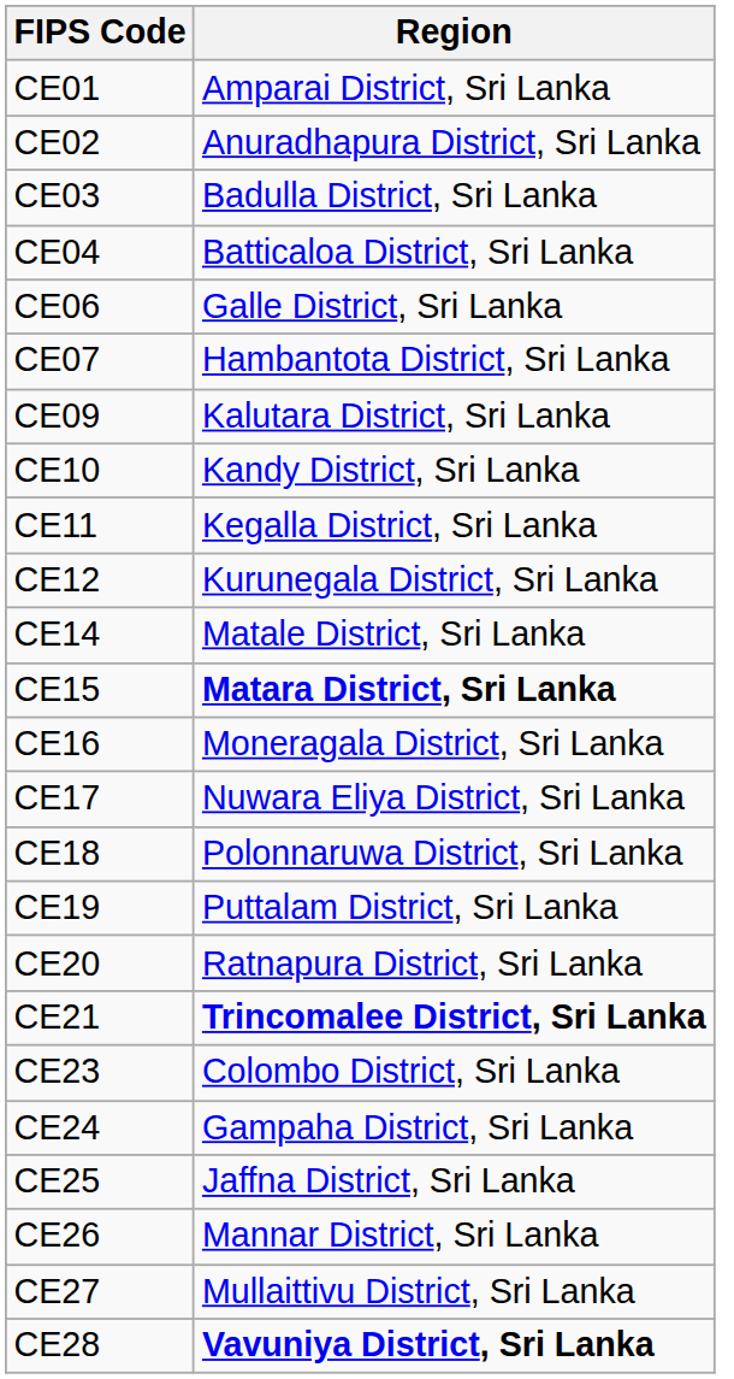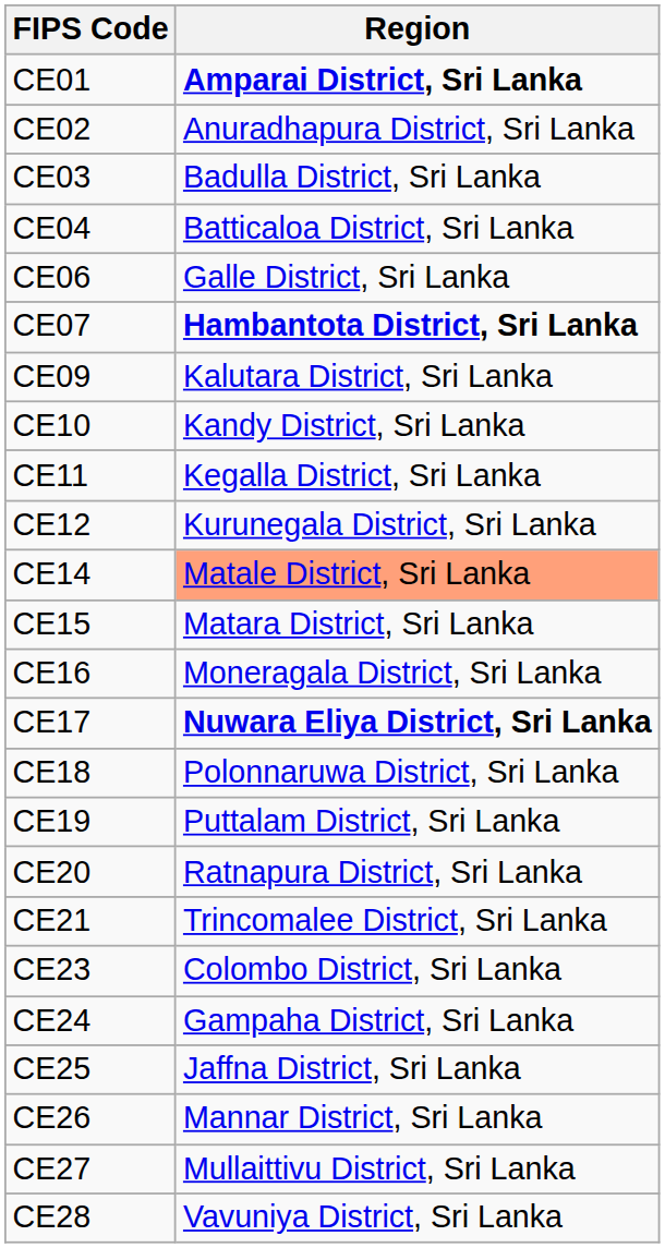 <table class="wikitable">
 <tr>
 <th>FIPS Code</th>
 <th>Region</th>
 </tr>
 <tr>
 <td>CE01</td>
-<td><a href='#'>Amparai District</a>, Sri Lanka</td>
+<td><strong><a href='#'>Amparai District</a>, Sri Lanka</strong></td>
 </tr>
 <tr>
 <td>CE02</td>
 <td><a href='#'>Anuradhapura District</a>, Sri Lanka</td>
 </tr>
 <tr>
 <td>CE03</td>
 <td><a href='#'>Badulla District</a>, Sri Lanka</td>
 </tr>
 <tr>
 <td>CE04</td>
 <td><a href='#'>Batticaloa District</a>, Sri Lanka</td>
 </tr>
 <tr>
 <td>CE06</td>
 <td><a href='#'>Galle District</a>, Sri Lanka</td>
 </tr>
 <tr>
 <td>CE07</td>
-<td><a href='#'>Hambantota District</a>, Sri Lanka</td>
+<td><strong><a href='#'>Hambantota District</a>, Sri Lanka</strong></td>
 </tr>
 <tr>
 <td>CE09</td>
 <td><a href='#'>Kalutara District</a>, Sri Lanka</td>
 </tr>
 <tr>
 <td>CE10</td>
 <td><a href='#'>Kandy District</a>, Sri Lanka</td>
 </tr>
 <tr>
 <td>CE11</td>
 <td><a href='#'>Kegalla District</a>, Sri Lanka</td>
 </tr>
 <tr>
 <td>CE12</td>
 <td><a href='#'>Kurunegala District</a>, Sri Lanka</td>
 </tr>
 <tr>
 <td>CE14</td>
-<td><a href='#'>Matale District</a>, Sri Lanka</td>
+<td style="background: lightsalmon;"><a href='#'>Matale District</a>, Sri Lanka</td>
 </tr>
 <tr>
 <td>CE15</td>
-<td><strong><a href='#'>Matara District</a>, Sri Lanka</strong></td>
+<td><a href='#'>Matara District</a>, Sri Lanka</td>
 </tr>
 <tr>
 <td>CE16</td>
 <td><a href='#'>Moneragala District</a>, Sri Lanka</td>
 </tr>
 <tr>
 <td>CE17</td>
-<td><a href='#'>Nuwara Eliya District</a>, Sri Lanka</td>
+<td><strong><a href='#'>Nuwara Eliya District</a>, Sri Lanka</strong></td>
 </tr>
 <tr>
 <td>CE18</td>
 <td><a href='#'>Polonnaruwa District</a>, Sri Lanka</td>
 </tr>
 <tr>
 <td>CE19</td>
 <td><a href='#'>Puttalam District</a>, Sri Lanka</td>
 </tr>
 <tr>
 <td>CE20</td>
 <td><a href='#'>Ratnapura District</a>, Sri Lanka</td>
 </tr>
 <tr>
 <td>CE21</td>
-<td><strong><a href='#'>Trincomalee District</a>, Sri Lanka</strong></td>
+<td><a href='#'>Trincomalee District</a>, Sri Lanka</td>
 </tr>
 <tr>
 <td>CE23</td>
 <td><a href='#'>Colombo District</a>, Sri Lanka</td>
 </tr>
 <tr>
 <td>CE24</td>
 <td><a href='#'>Gampaha District</a>, Sri Lanka</td>
 </tr>
 <tr>
 <td>CE25</td>
 <td><a href='#'>Jaffna District</a>, Sri Lanka</td>
 </tr>
 <tr>
 <td>CE26</td>
 <td><a href='#'>Mannar District</a>, Sri Lanka</td>
 </tr>
 <tr>
 <td>CE27</td>
 <td><a href='#'>Mullaittivu District</a>, Sri Lanka</td>
 </tr>
 <tr>
 <td>CE28</td>
-<td><strong><a href='#'>Vavuniya District</a>, Sri Lanka</strong></td>
+<td><a href='#'>Vavuniya District</a>, Sri Lanka</td>
 </tr>
 </table>
